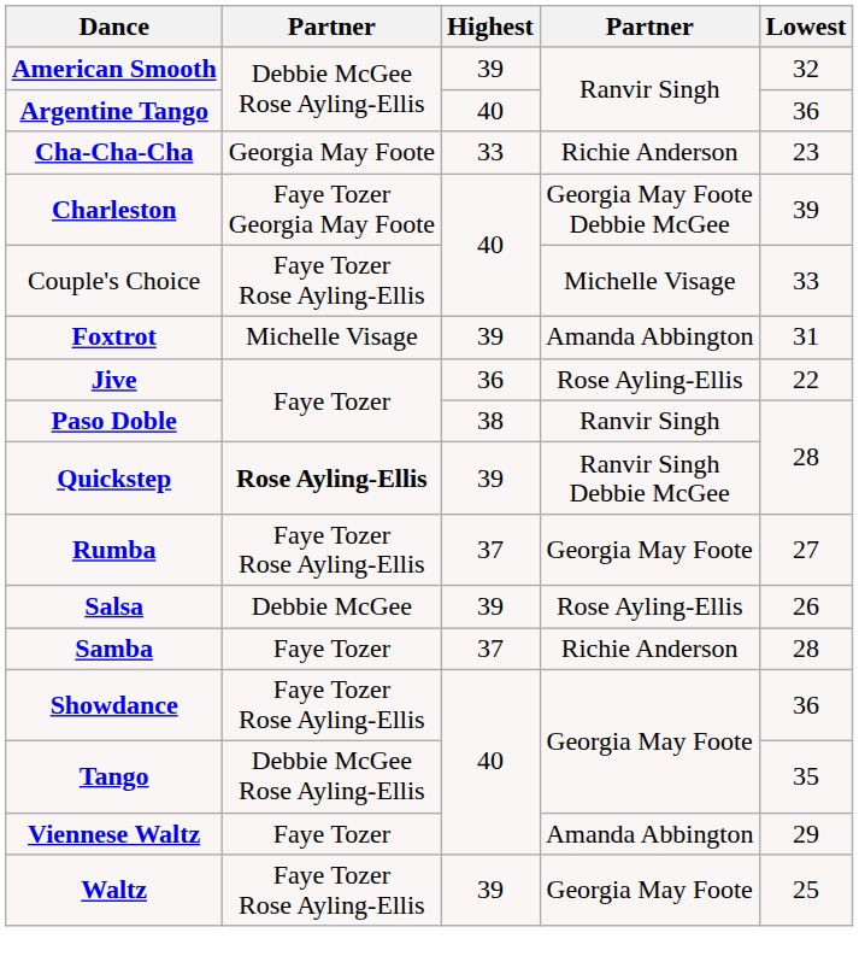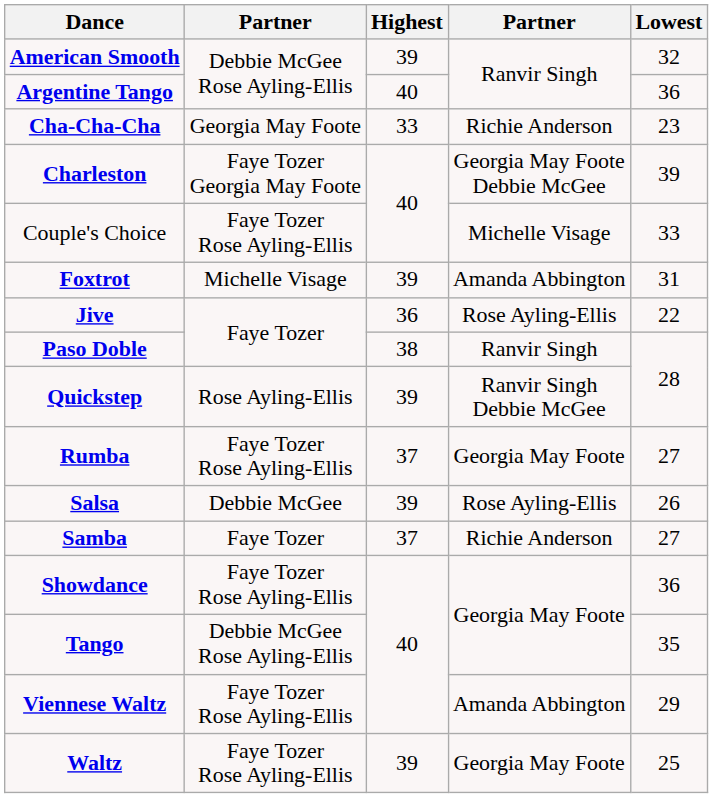 <table class="wikitable sortable collapsed">
 <tr style="text-align:Center; background:#cc;">
 <th>Dance</th>
 <th>Partner</th>
 <th>Highest</th>
 <th>Partner</th>
 <th>Lowest</th>
 </tr>
 <tr style="text-align: center; background:#faf6f6;#">
 <td><strong><a href='#'>American Smooth</a></strong></td>
 <td rowspan="2">Debbie McGee<br>Rose Ayling-Ellis</td>
 <td>39</td>
 <td rowspan="2">Ranvir Singh</td>
 <td>32</td>
 </tr>
 <tr style="text-align: center; background:#faf6f6;">
 <td><strong><a href='#'>Argentine Tango</a></strong></td>
 <td>40</td>
 <td>36</td>
 </tr>
 <tr style="text-align: center; background:#faf6f6;">
 <td><strong><a href='#'>Cha-Cha-Cha</a></strong></td>
 <td>Georgia May Foote</td>
 <td>33</td>
 <td>Richie Anderson</td>
 <td>23</td>
 </tr>
 <tr style="text-align: center; background:#faf6f6;">
 <td><strong><a href='#'>Charleston</a></strong></td>
 <td>Faye Tozer<br>Georgia May Foote</td>
 <td rowspan="2">40</td>
 <td>Georgia May Foote <br> Debbie McGee</td>
 <td>39</td>
 </tr>
 <tr style="text-align: center; background:#faf6f6;">
 <td>Couple's Choice</td>
 <td>Faye Tozer <br>Rose Ayling-Ellis</td>
 <td>Michelle Visage</td>
 <td>33</td>
 </tr>
 <tr style="text-align: center; background:#faf6f6;">
 <td><strong><a href='#'>Foxtrot</a></strong></td>
 <td>Michelle Visage</td>
 <td>39</td>
 <td>Amanda Abbington</td>
 <td>31</td>
 </tr>
 <tr style="text-align: center; background:#faf6f6;">
 <td><strong><a href='#'>Jive</a></strong></td>
 <td rowspan="2">Faye Tozer</td>
 <td>36</td>
 <td>Rose Ayling-Ellis</td>
 <td>22</td>
 </tr>
 <tr style="text-align: center; background:#faf6f6;">
 <td><strong><a href='#'>Paso Doble</a></strong></td>
 <td>38</td>
 <td>Ranvir Singh</td>
 <td rowspan="2">28</td>
 </tr>
 <tr style="text-align: center; background:#faf6f6;">
 <td><strong><a href='#'>Quickstep</a></strong></td>
-<td><strong>Rose Ayling-Ellis</strong></td>
+<td>Rose Ayling-Ellis</td>
 <td>39</td>
 <td>Ranvir Singh <br>Debbie McGee</td>
 </tr>
 <tr style="text-align: center; background:#faf6f6;">
 <td><strong><a href='#'>Rumba</a></strong></td>
 <td>Faye Tozer <br>Rose Ayling-Ellis</td>
 <td>37</td>
 <td>Georgia May Foote</td>
 <td>27</td>
 </tr>
 <tr style="text-align: center; background:#faf6f6;">
 <td><strong><a href='#'>Salsa</a></strong></td>
 <td>Debbie McGee</td>
 <td>39</td>
 <td>Rose Ayling-Ellis</td>
 <td>26</td>
 </tr>
 <tr style="text-align: center; background:#faf6f6;">
 <td><strong><a href='#'>Samba</a></strong></td>
 <td>Faye Tozer</td>
 <td>37</td>
 <td>Richie Anderson</td>
-<td>28</td>
+<td>27</td>
 </tr>
 <tr style="text-align: center; background:#faf6f6;">
 <td><strong><a href='#'>Showdance</a></strong></td>
 <td>Faye Tozer<br>Rose Ayling-Ellis</td>
 <td rowspan="3">40</td>
 <td rowspan="2">Georgia May Foote</td>
 <td>36</td>
 </tr>
 <tr style="text-align: center; background:#faf6f6;">
 <td><strong><a href='#'>Tango</a></strong></td>
 <td>Debbie McGee<br>Rose Ayling-Ellis</td>
 <td>35</td>
 </tr>
 <tr style="text-align: center; background:#faf6f6;">
 <td><strong><a href='#'>Viennese Waltz</a></strong></td>
-<td>Faye Tozer</td>
+<td>Faye Tozer <br>Rose Ayling-Ellis</td>
 <td>Amanda Abbington</td>
 <td>29</td>
 </tr>
 <tr style="text-align: center; background:#faf6f6;">
 <td><strong><a href='#'>Waltz</a></strong></td>
 <td>Faye Tozer<br>Rose Ayling-Ellis</td>
 <td>39</td>
 <td>Georgia May Foote</td>
 <td>25</td>
 </tr>
 </table>
